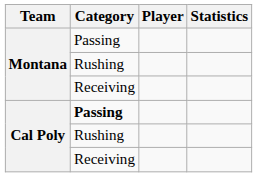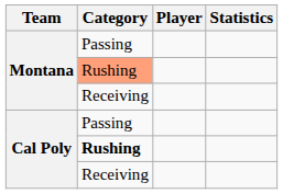 <table class="wikitable" style="float:right">
 <tr>
 <th>Team</th>
 <th>Category</th>
 <th>Player</th>
 <th>Statistics</th>
 </tr>
 <tr>
 <th rowspan=3>Montana</th>
 <td>Passing</td>
 <td></td>
 <td></td>
 </tr>
 <tr>
-<td>Rushing</td>
+<td style="background: lightsalmon;">Rushing</td>
 <td></td>
 <td></td>
 </tr>
 <tr>
 <td>Receiving</td>
 <td></td>
 <td></td>
 </tr>
 <tr>
 <th rowspan=3>Cal Poly</th>
-<td><strong>Passing</strong></td>
+<td>Passing</td>
 <td></td>
 <td></td>
 </tr>
 <tr>
-<td>Rushing</td>
+<td><strong>Rushing</strong></td>
 <td></td>
 <td></td>
 </tr>
 <tr>
 <td>Receiving</td>
 <td></td>
 <td></td>
 </tr>
 </table>
